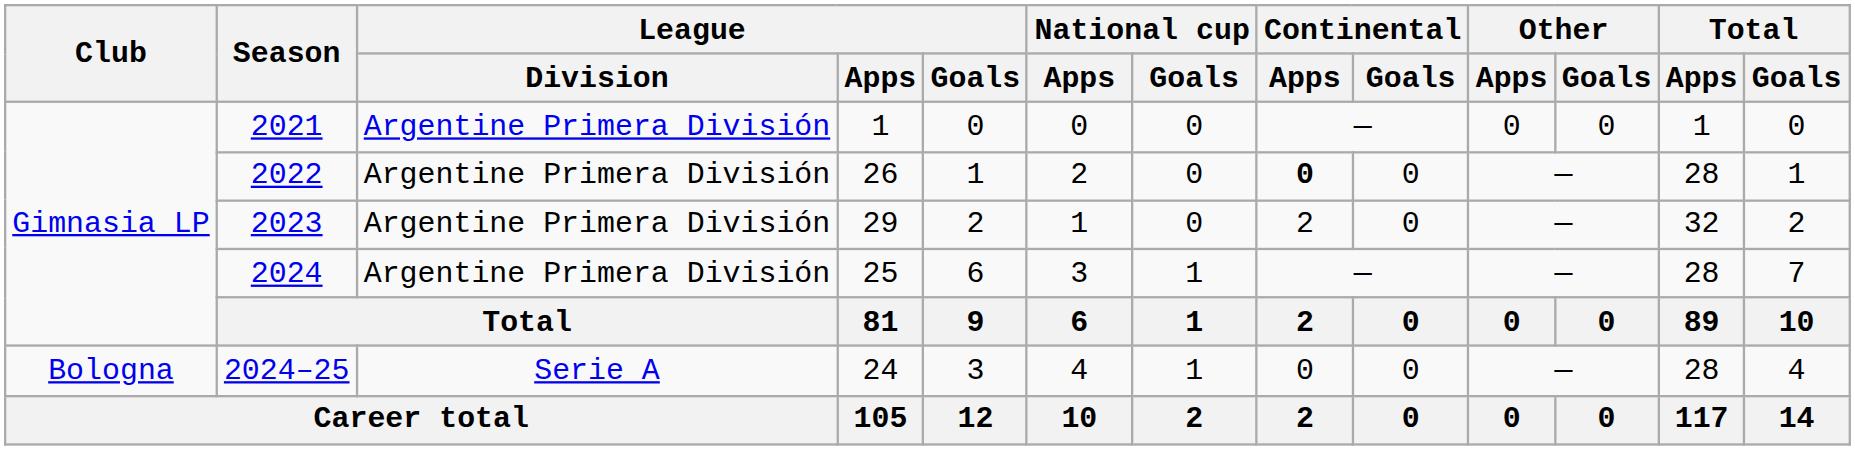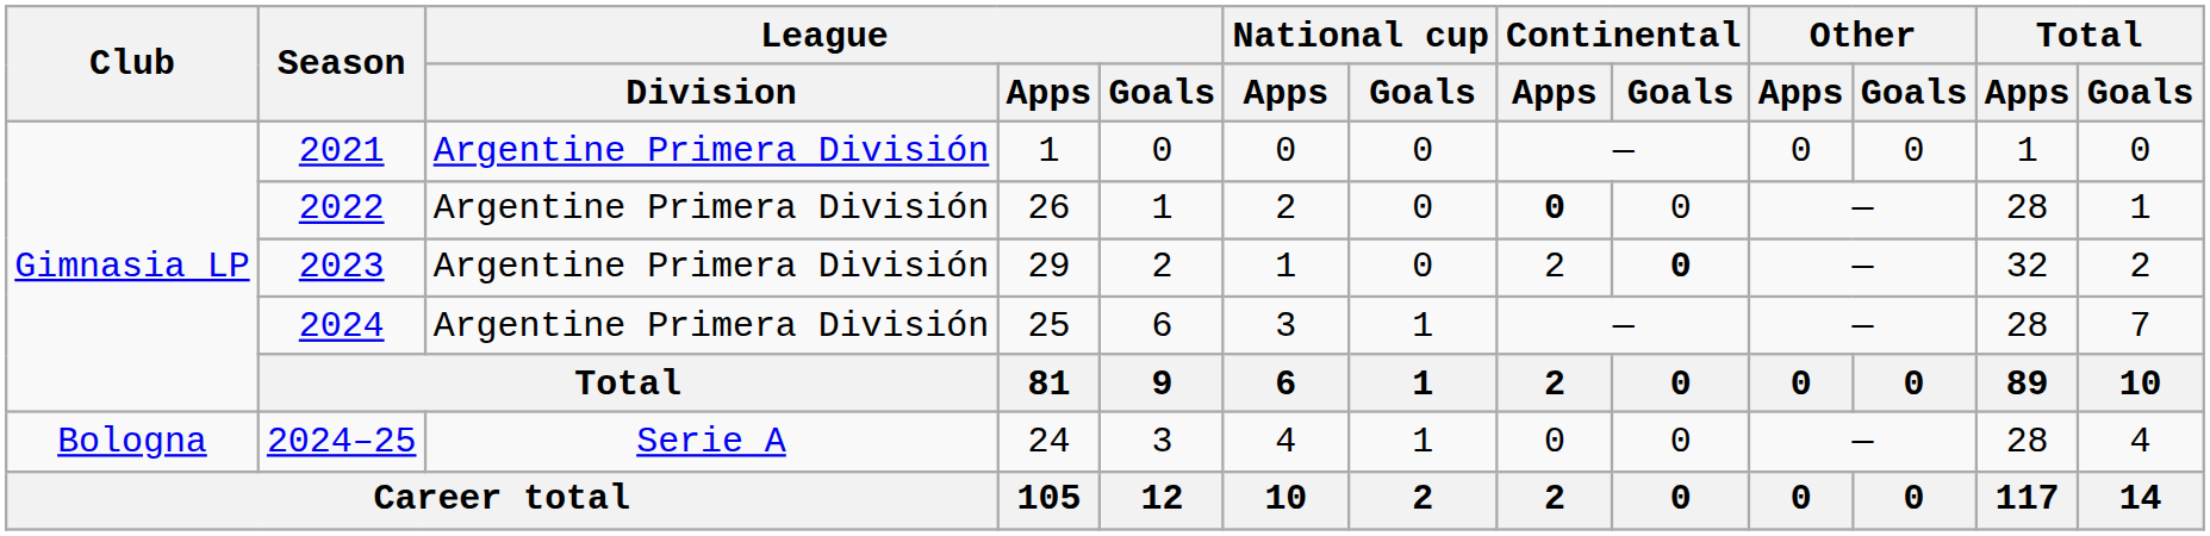 <table class="wikitable" style="text-align:center">
 <tr>
 <th rowspan="2">Club</th>
 <th rowspan="2">Season</th>
 <th colspan="3">League</th>
 <th colspan="2">National cup</th>
 <th colspan="2">Continental</th>
 <th colspan="2">Other</th>
 <th colspan="2">Total</th>
 </tr>
 <tr>
 <th>Division</th>
 <th>Apps</th>
 <th>Goals</th>
 <th>Apps</th>
 <th>Goals</th>
 <th>Apps</th>
 <th>Goals</th>
 <th>Apps</th>
 <th>Goals</th>
 <th>Apps</th>
 <th>Goals</th>
 </tr>
 <tr>
 <td rowspan="5"><a href='#'>Gimnasia LP</a></td>
 <td><a href='#'>2021</a></td>
 <td><a href='#'>Argentine Primera División</a></td>
 <td>1</td>
 <td>0</td>
 <td>0</td>
 <td>0</td>
 <td colspan="2">—</td>
 <td>0</td>
 <td>0</td>
 <td>1</td>
 <td>0</td>
 </tr>
 <tr>
 <td><a href='#'>2022</a></td>
 <td>Argentine Primera División</td>
 <td>26</td>
 <td>1</td>
 <td>2</td>
 <td>0</td>
 <td><strong>0</strong></td>
 <td>0</td>
 <td colspan="2">—</td>
 <td>28</td>
 <td>1</td>
 </tr>
 <tr>
 <td><a href='#'>2023</a></td>
 <td>Argentine Primera División</td>
 <td>29</td>
 <td>2</td>
 <td>1</td>
 <td>0</td>
 <td>2</td>
-<td>0</td>
+<td><strong>0</strong></td>
 <td colspan="2">—</td>
 <td>32</td>
 <td>2</td>
 </tr>
 <tr>
 <td><a href='#'>2024</a></td>
 <td>Argentine Primera División</td>
 <td>25</td>
 <td>6</td>
 <td>3</td>
 <td>1</td>
 <td colspan="2">—</td>
 <td colspan="2">—</td>
 <td>28</td>
 <td>7</td>
 </tr>
 <tr>
 <th colspan="2">Total</th>
 <th>81</th>
 <th>9</th>
 <th>6</th>
 <th>1</th>
 <th>2</th>
 <th>0</th>
 <th>0</th>
 <th>0</th>
 <th>89</th>
 <th>10</th>
 </tr>
 <tr>
 <td><a href='#'>Bologna</a></td>
 <td><a href='#'>2024–25</a></td>
 <td><a href='#'>Serie A</a></td>
 <td>24</td>
 <td>3</td>
 <td>4</td>
 <td>1</td>
 <td>0</td>
 <td>0</td>
 <td colspan="2">—</td>
 <td>28</td>
 <td>4</td>
 </tr>
 <tr>
 <th colspan="3">Career total</th>
 <th>105</th>
 <th>12</th>
 <th>10</th>
 <th>2</th>
 <th>2</th>
 <th>0</th>
 <th>0</th>
 <th>0</th>
 <th>117</th>
 <th>14</th>
 </tr>
 </table>
